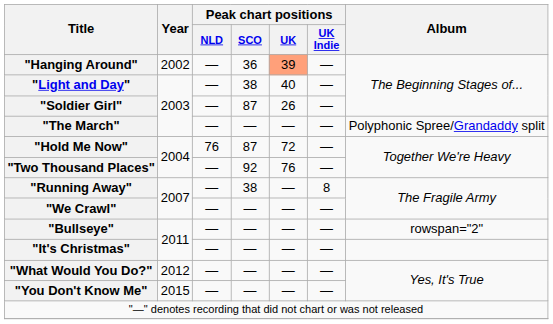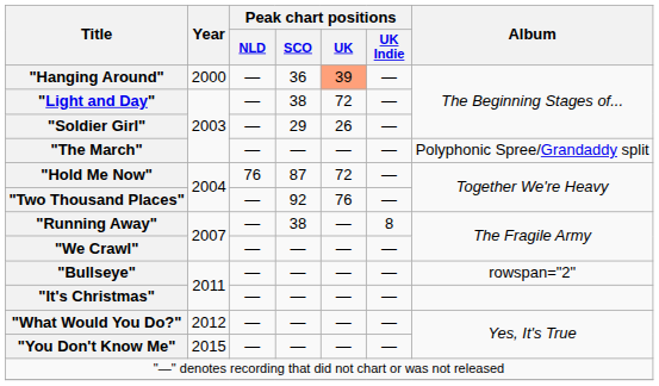 <table class="wikitable plainrowheaders" style="text-align:center;">
 <tr>
 <th scope="col" rowspan="2">Title</th>
 <th scope="col" rowspan="2">Year</th>
 <th scope="col" colspan="4">Peak chart positions</th>
 <th scope="col" rowspan="2">Album</th>
 </tr>
 <tr>
 <th scope="col" style="width:3em;font-size:85%;"><a href='#'>NLD</a><br></th>
 <th scope="col" style="width:3em;font-size:85%;"><a href='#'>SCO</a><br></th>
 <th scope="col" style="width:3em;font-size:85%;"><a href='#'>UK</a><br></th>
 <th scope="col" style="width:3em;font-size:85%;"><a href='#'>UK<br>Indie</a><br></th>
 </tr>
 <tr>
 <th scope="row">"Hanging Around"</th>
-<td>2002</td>
+<td>2000</td>
 <td>—</td>
 <td>36</td>
 <td style="background: lightsalmon;">39</td>
 <td>—</td>
 <td rowspan="3"><em>The Beginning Stages of...</em></td>
 </tr>
 <tr>
 <th scope="row">"<a href='#'>Light and Day</a>"</th>
 <td rowspan="3">2003</td>
 <td>—</td>
 <td>38</td>
-<td>40</td>
+<td>72</td>
 <td>—</td>
 </tr>
 <tr>
 <th scope="row">"Soldier Girl"</th>
 <td>—</td>
-<td>87</td>
+<td>29</td>
 <td>26</td>
 <td>—</td>
 </tr>
 <tr>
 <th scope="row">"The March"</th>
 <td>—</td>
 <td>—</td>
 <td>—</td>
 <td>—</td>
 <td rowspan="1">Polyphonic Spree/<a href='#'>Grandaddy</a> split</td>
 </tr>
 <tr>
 <th scope="row">"Hold Me Now"</th>
 <td rowspan="2">2004</td>
 <td>76</td>
 <td>87</td>
 <td>72</td>
 <td>—</td>
 <td rowspan="2"><em>Together We're Heavy</em></td>
 </tr>
 <tr>
 <th scope="row">"Two Thousand Places"</th>
 <td>—</td>
 <td>92</td>
 <td>76</td>
 <td>—</td>
 </tr>
 <tr>
 <th scope="row">"Running Away"</th>
 <td rowspan="2">2007</td>
 <td>—</td>
 <td>38</td>
 <td>—</td>
 <td>8</td>
 <td rowspan="2"><em>The Fragile Army</em></td>
 </tr>
 <tr>
 <th scope="row">"We Crawl"</th>
 <td>—</td>
 <td>—</td>
 <td>—</td>
 <td>—</td>
 </tr>
 <tr>
 <th scope="row">"Bullseye"</th>
 <td rowspan="2">2011</td>
 <td>—</td>
 <td>—</td>
 <td>—</td>
 <td>—</td>
 <td>rowspan="2" </td>
 </tr>
 <tr>
 <th scope="row">"It's Christmas"</th>
 <td>—</td>
 <td>—</td>
 <td>—</td>
 <td>—</td>
 </tr>
 <tr>
 <th scope="row">"What Would You Do?"</th>
 <td>2012</td>
 <td>—</td>
 <td>—</td>
 <td>—</td>
 <td>—</td>
 <td rowspan="2"><em>Yes, It's True</em></td>
 </tr>
 <tr>
 <th scope="row">"You Don't Know Me"</th>
 <td>2015</td>
 <td>—</td>
 <td>—</td>
 <td>—</td>
 <td>—</td>
 </tr>
 <tr>
 <td colspan="18" style="text-align:center; font-size:85%;">"—" denotes recording that did not chart or was not released</td>
 </tr>
 <tr>
 </tr>
 </table>
